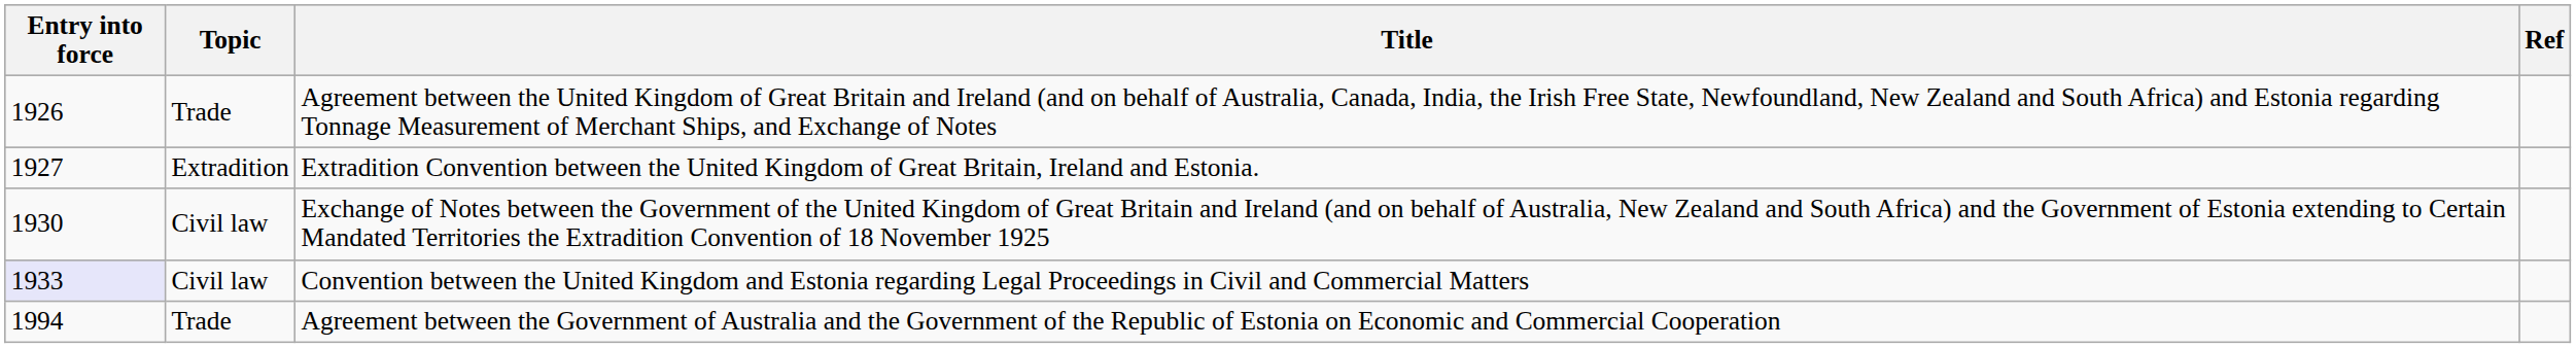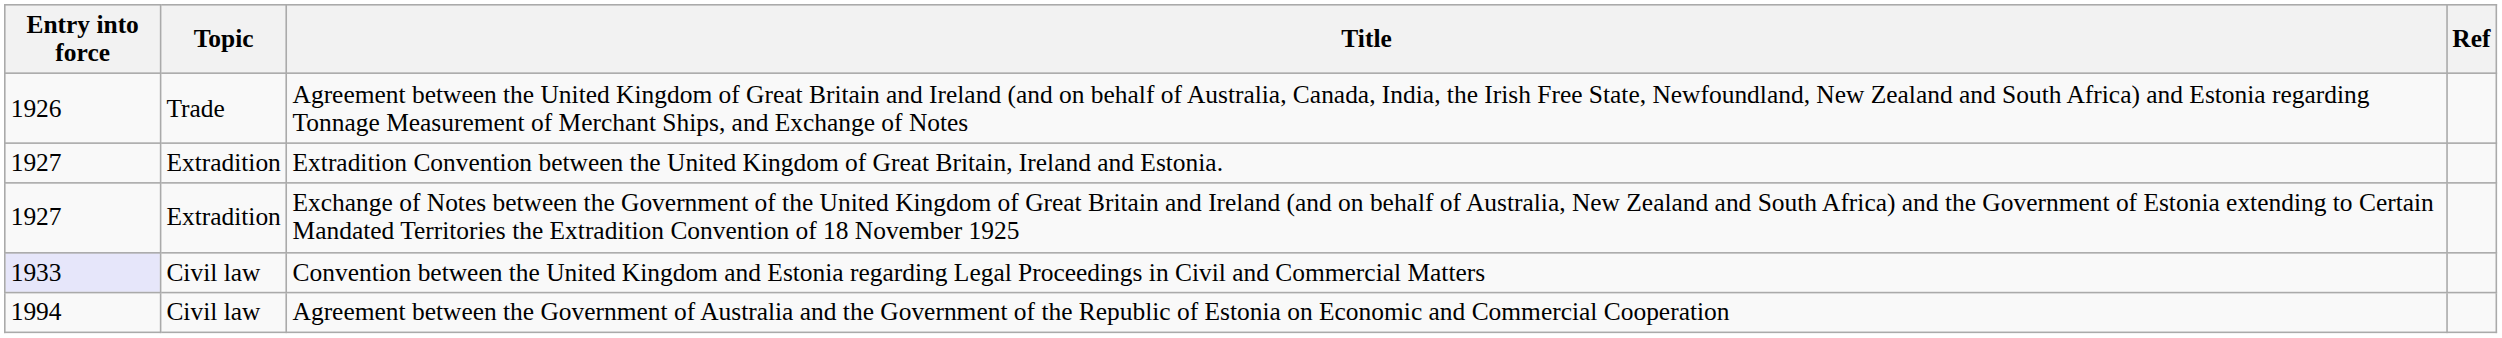 <table class="wikitable sortable">
 <tr>
 <th>Entry into force</th>
 <th>Topic</th>
 <th>Title</th>
 <th>Ref</th>
 </tr>
 <tr>
 <td>1926</td>
 <td>Trade</td>
 <td>Agreement between the United Kingdom of Great Britain and Ireland (and on behalf of Australia, Canada, India, the Irish Free State, Newfoundland, New Zealand and South Africa) and Estonia regarding Tonnage Measurement of Merchant Ships, and Exchange of Notes</td>
 <td></td>
 </tr>
 <tr>
 <td>1927</td>
 <td>Extradition</td>
 <td>Extradition Convention between the United Kingdom of Great Britain, Ireland and Estonia.</td>
 <td></td>
 </tr>
 <tr>
-<td>1930</td>
-<td>Civil law</td>
+<td>1927</td>
+<td>Extradition</td>
 <td>Exchange of Notes between the Government of the United Kingdom of Great Britain and Ireland (and on behalf of Australia, New Zealand and South Africa) and the Government of Estonia extending to Certain Mandated Territories the Extradition Convention of 18 November 1925</td>
 <td></td>
 </tr>
 <tr>
 <td style="background: lavender;">1933</td>
 <td>Civil law</td>
 <td>Convention between the United Kingdom and Estonia regarding Legal Proceedings in Civil and Commercial Matters</td>
 <td></td>
 </tr>
 <tr>
 <td>1994</td>
-<td>Trade</td>
+<td>Civil law</td>
 <td>Agreement between the Government of Australia and the Government of the Republic of Estonia on Economic and Commercial Cooperation</td>
 <td></td>
 </tr>
 </table>
